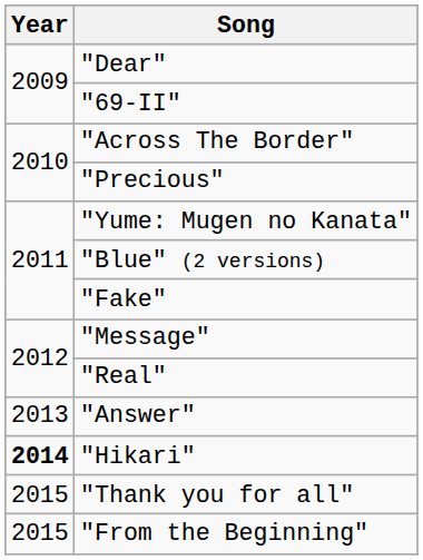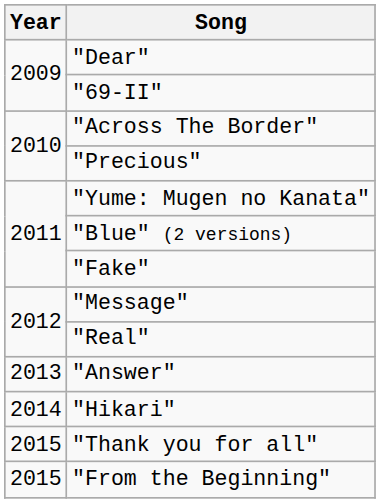 <table class="wikitable">
 <tr>
 <th>Year</th>
 <th>Song</th>
 </tr>
 <tr>
 <td style="text-align:center;" rowspan="2">2009</td>
 <td>"Dear"</td>
 </tr>
 <tr>
 <td>"69-II"</td>
 </tr>
 <tr>
 <td style="text-align:center;" rowspan="2">2010</td>
 <td>"Across The Border"</td>
 </tr>
 <tr>
 <td>"Precious"</td>
 </tr>
 <tr>
 <td style="text-align:center;" rowspan="3">2011</td>
 <td>"Yume: Mugen no Kanata"</td>
 </tr>
 <tr>
 <td>"Blue" <small>(2 versions)</small></td>
 </tr>
 <tr>
 <td>"Fake"</td>
 </tr>
 <tr>
 <td style="text-align:center;" rowspan="2">2012</td>
 <td>"Message"</td>
 </tr>
 <tr>
 <td>"Real"</td>
 </tr>
 <tr>
 <td style="text-align:center;">2013</td>
 <td>"Answer"</td>
 </tr>
 <tr>
-<td style="text-align:center;"><strong>2014</strong></td>
+<td style="text-align:center;">2014</td>
 <td>"Hikari"</td>
 </tr>
 <tr>
 <td style="text-align:center;">2015</td>
 <td>"Thank you for all"</td>
 </tr>
 <tr>
 <td style="text-align:center;">2015</td>
 <td>"From the Beginning"</td>
 </tr>
 </table>
